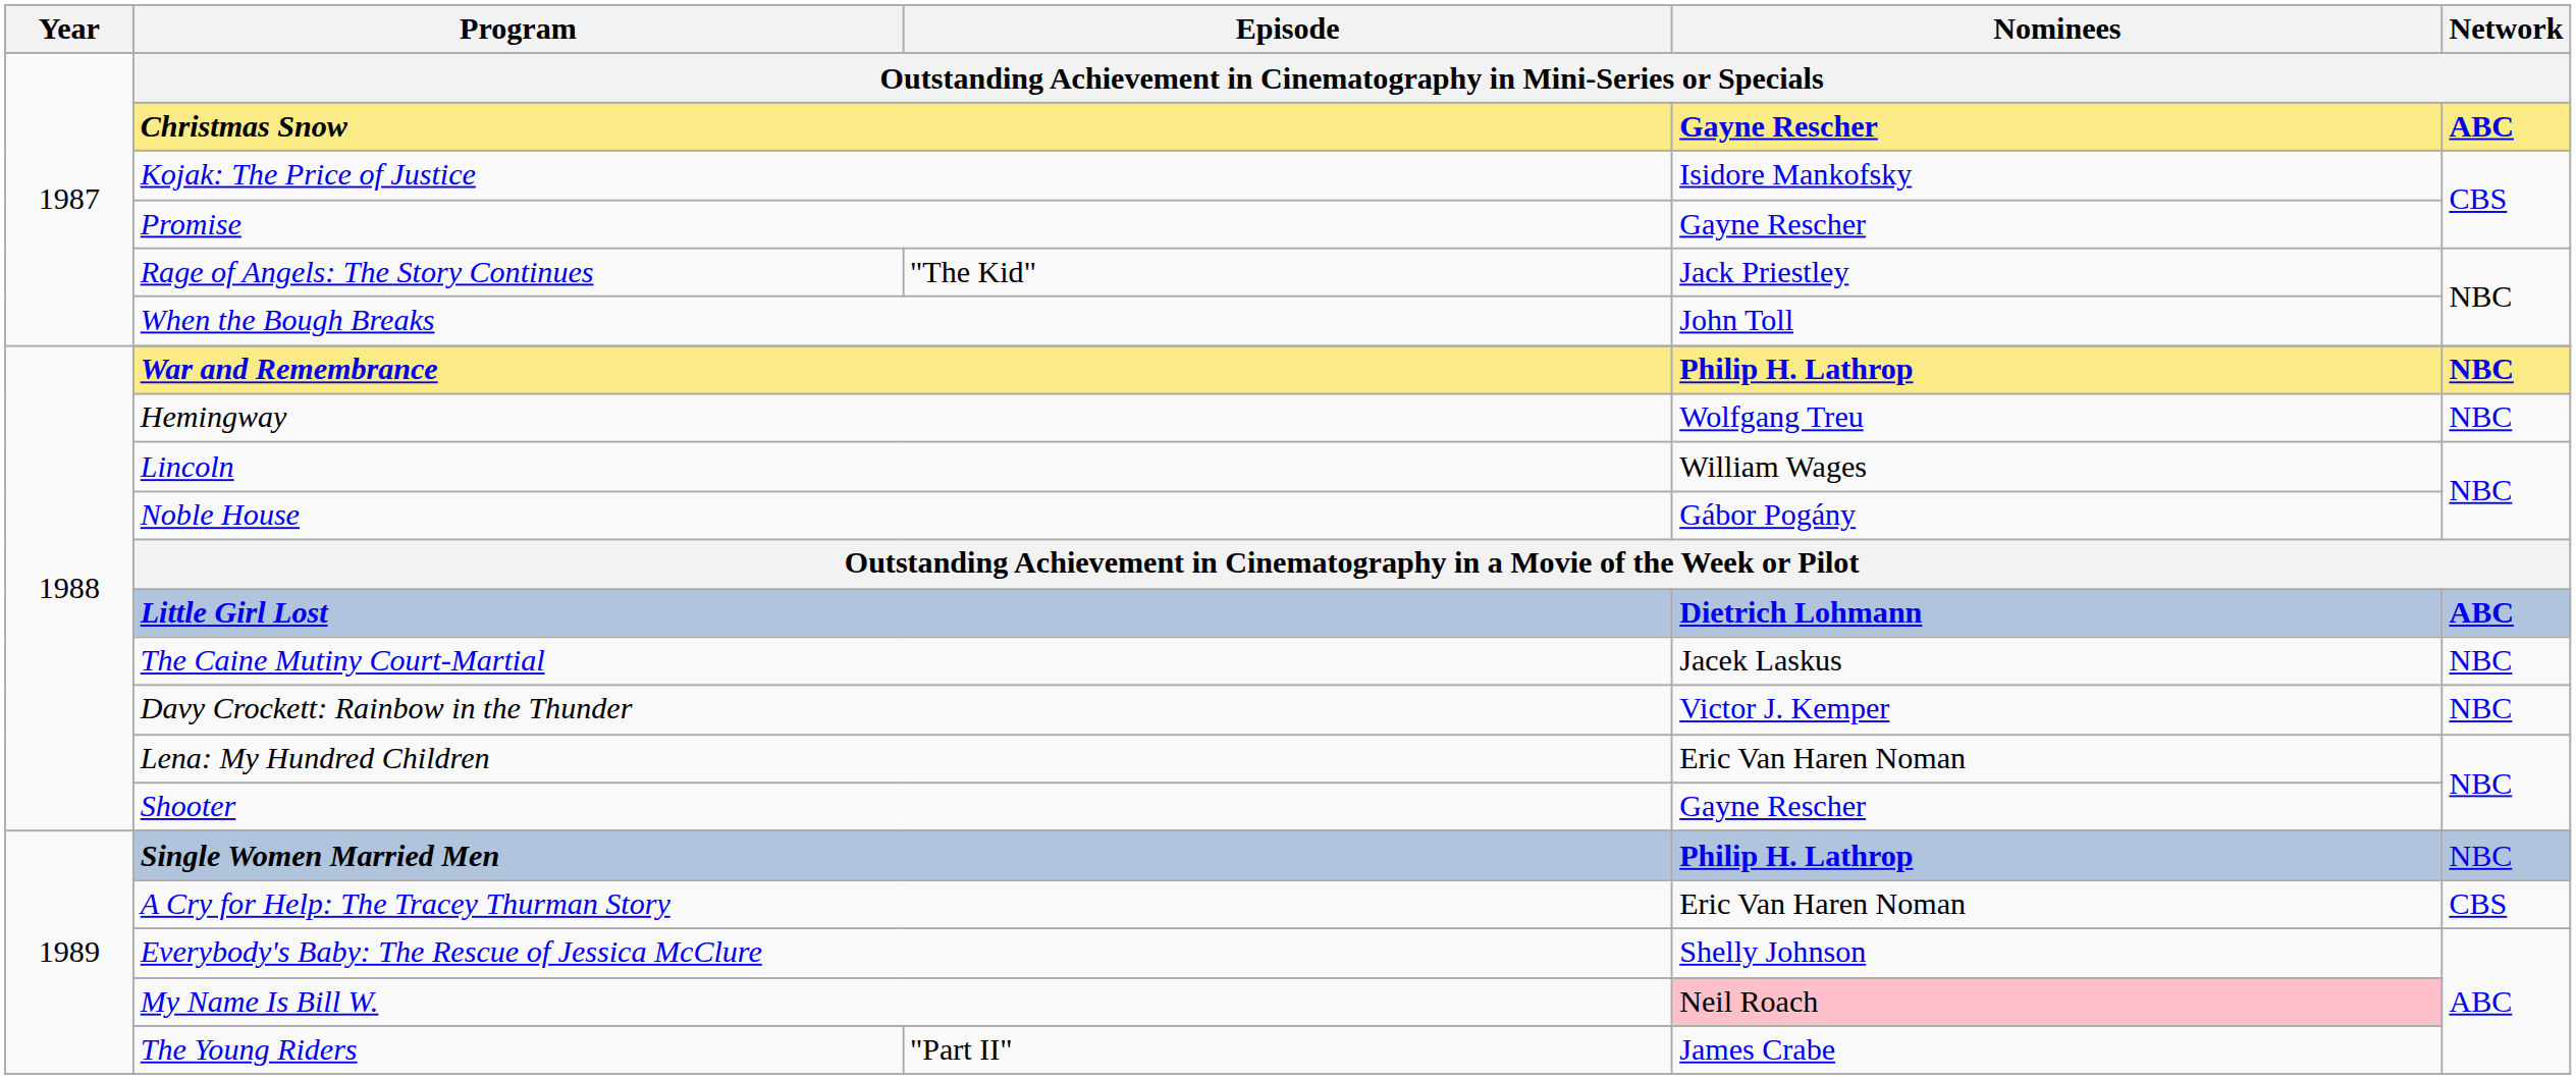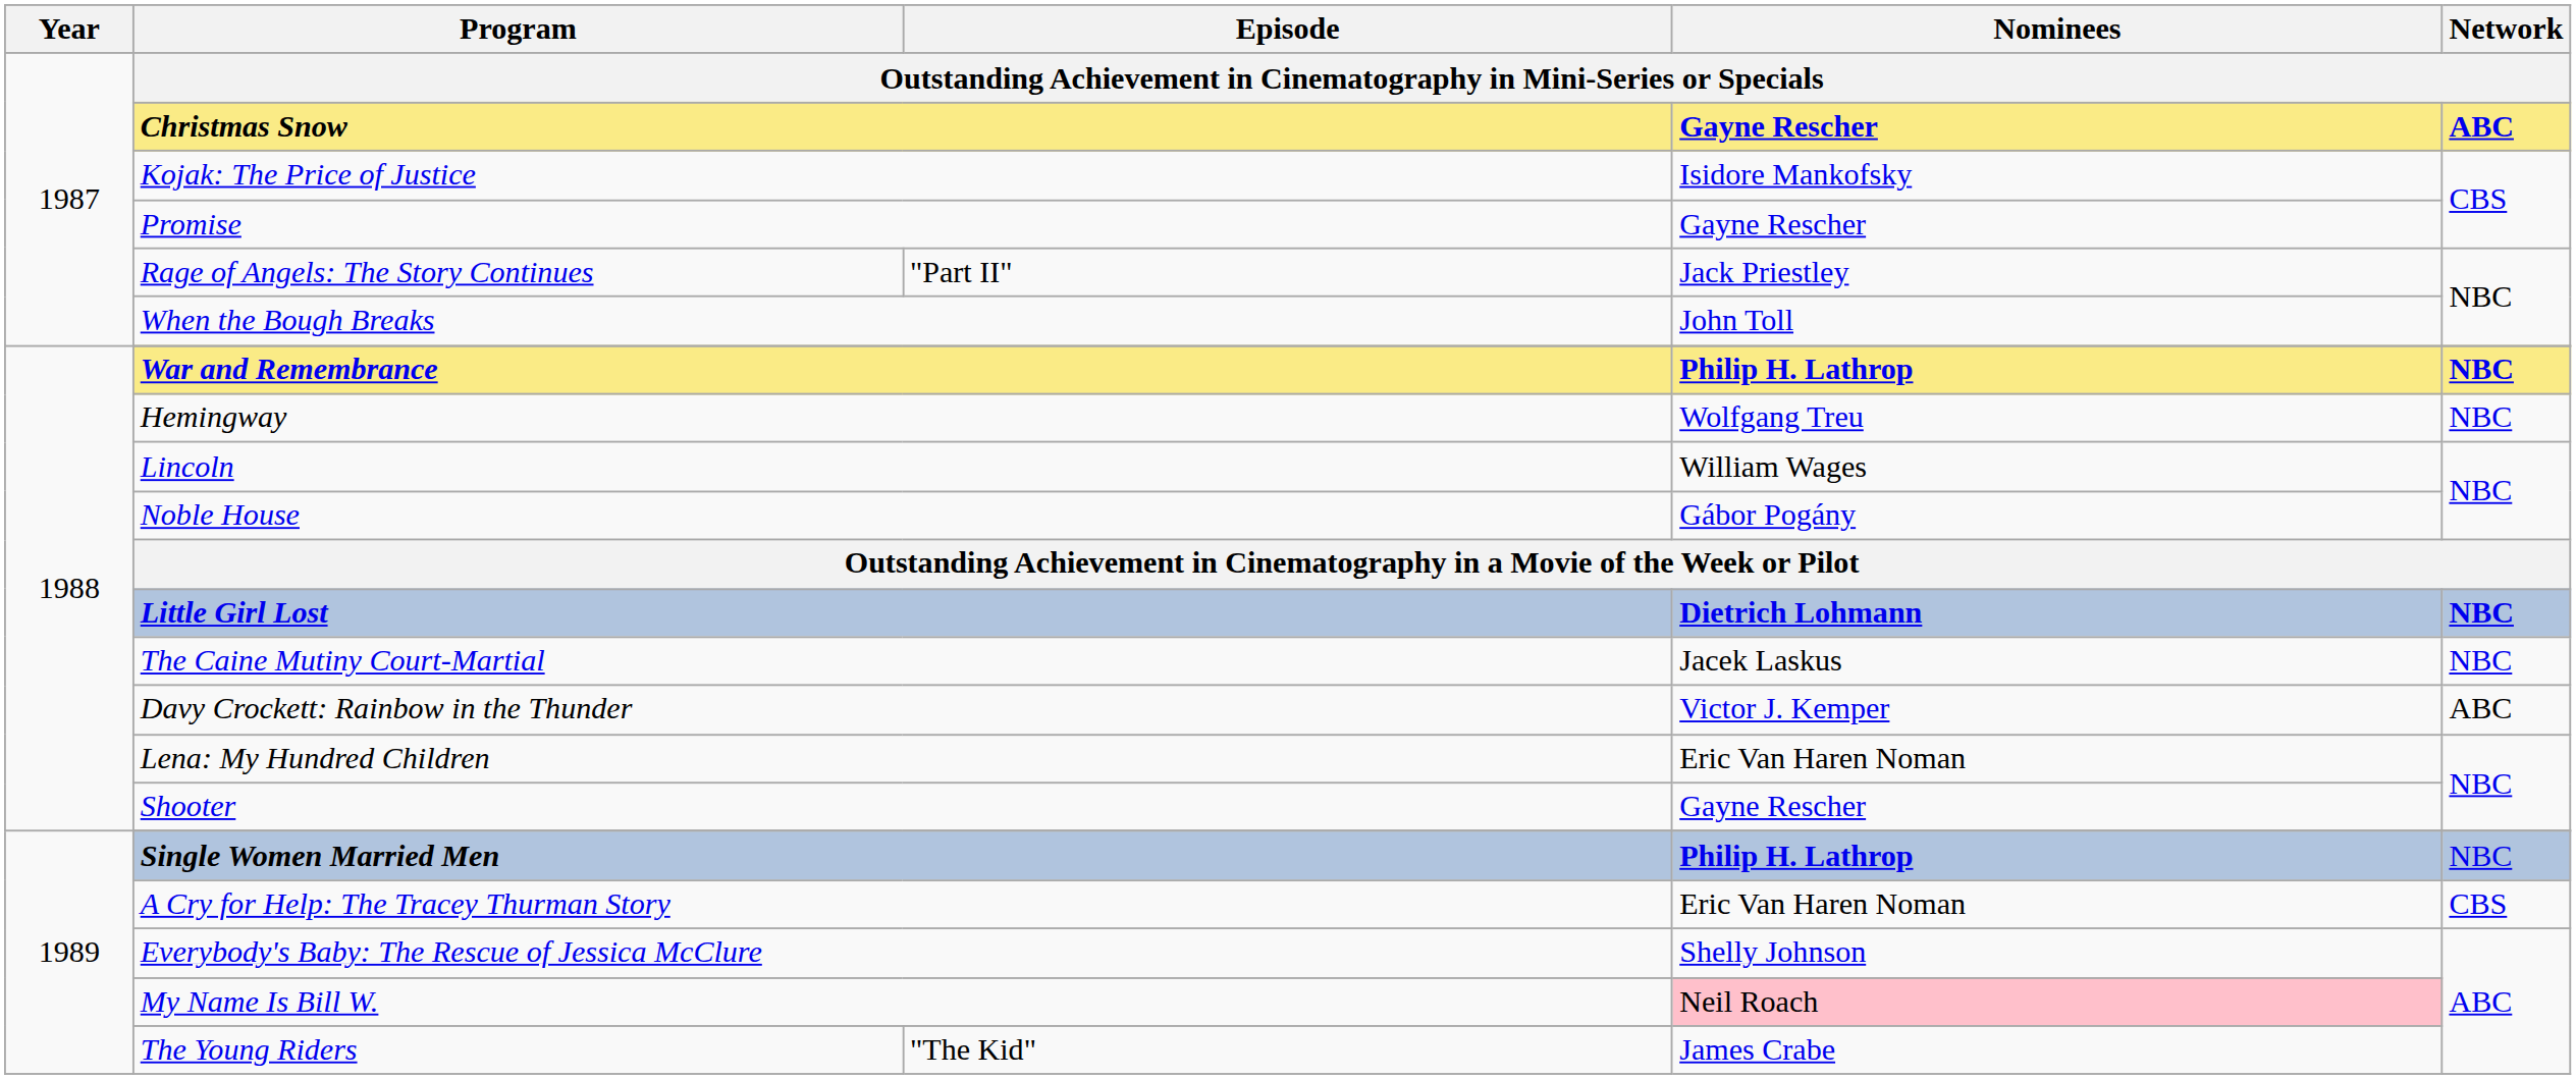 <table class="wikitable">
 <tr>
 <th width="5%">Year</th>
 <th width="30%">Program</th>
 <th width="30%">Episode</th>
 <th width="30%">Nominees</th>
 <th width="5%">Network</th>
 </tr>
 <tr>
 <td rowspan="6" style="text-align:center;">1987<br></td>
 <th colspan="4">Outstanding Achievement in Cinematography in Mini-Series or Specials</th>
 </tr>
 <tr style="background:#FAEB86;">
 <td colspan="2"><strong><em>Christmas Snow</em></strong></td>
 <td><strong><a href='#'>Gayne Rescher</a></strong></td>
 <td><strong><a href='#'>ABC</a></strong></td>
 </tr>
 <tr>
 <td colspan="2"><em><a href='#'>Kojak: The Price of Justice</a></em></td>
 <td><a href='#'>Isidore Mankofsky</a></td>
 <td rowspan=2><a href='#'>CBS</a></td>
 </tr>
 <tr>
 <td colspan="2"><em><a href='#'>Promise</a></em></td>
 <td><a href='#'>Gayne Rescher</a></td>
 </tr>
 <tr>
 <td><em><a href='#'>Rage of Angels: The Story Continues</a></em></td>
-<td>"The Kid"</td>
+<td>"Part II"</td>
 <td><a href='#'>Jack Priestley</a></td>
 <td rowspan="2">NBC</td>
 </tr>
 <tr>
 <td colspan="2"><em><a href='#'>When the Bough Breaks</a></em></td>
 <td><a href='#'>John Toll</a></td>
 </tr>
 <tr>
 <td rowspan="11" style="text-align:center;">1988<br></td>
 </tr>
 <tr style="background:#FAEB86;">
 <td colspan="2"><strong><em><a href='#'>War and Remembrance</a></em></strong></td>
 <td><strong><a href='#'>Philip H. Lathrop</a></strong></td>
 <td><strong><a href='#'>NBC</a></strong></td>
 </tr>
 <tr>
 <td colspan="2"><em>Hemingway</em></td>
 <td><a href='#'>Wolfgang Treu</a></td>
 <td><a href='#'>NBC</a></td>
 </tr>
 <tr>
 <td colspan="2"><em><a href='#'>Lincoln</a></em></td>
 <td>William Wages</td>
 <td rowspan="2"><a href='#'>NBC</a></td>
 </tr>
 <tr>
 <td colspan="2"><em><a href='#'>Noble House</a></em></td>
 <td><a href='#'>Gábor Pogány</a></td>
 </tr>
 <tr>
 <th colspan="4">Outstanding Achievement in Cinematography in a Movie of the Week or Pilot</th>
 </tr>
 <tr style="background:#B0C4DE;">
 <td colspan="2"><strong><em><a href='#'>Little Girl Lost</a></em></strong></td>
 <td><strong><a href='#'>Dietrich Lohmann</a></strong></td>
-<td><strong><a href='#'>ABC</a></strong></td>
+<td><strong><a href='#'>NBC</a></strong></td>
 </tr>
 <tr>
 <td colspan="2"><em><a href='#'>The Caine Mutiny Court-Martial</a></em></td>
 <td>Jacek Laskus</td>
 <td><a href='#'>NBC</a></td>
 </tr>
 <tr>
 <td colspan="2"><em>Davy Crockett: Rainbow in the Thunder</em></td>
 <td><a href='#'>Victor J. Kemper</a></td>
-<td><a href='#'>NBC</a></td>
+<td>ABC</td>
 </tr>
 <tr>
 <td colspan="2"><em>Lena: My Hundred Children</em></td>
 <td>Eric Van Haren Noman</td>
 <td rowspan="2"><a href='#'>NBC</a></td>
 </tr>
 <tr>
 <td colspan="2"><em><a href='#'>Shooter</a></em></td>
 <td><a href='#'>Gayne Rescher</a></td>
 </tr>
 <tr>
 <td rowspan="6" style="text-align:center;">1989<br></td>
 </tr>
 <tr style="background:#B0C4DE;">
 <td colspan="2"><strong><em>Single Women Married Men</em></strong></td>
 <td><strong><a href='#'>Philip H. Lathrop</a></strong></td>
 <td><a href='#'>NBC</a></td>
 </tr>
 <tr>
 <td colspan="2"><em><a href='#'>A Cry for Help: The Tracey Thurman Story</a></em></td>
 <td>Eric Van Haren Noman</td>
 <td><a href='#'>CBS</a></td>
 </tr>
 <tr>
 <td colspan="2"><em><a href='#'>Everybody's Baby: The Rescue of Jessica McClure</a></em></td>
 <td><a href='#'>Shelly Johnson</a></td>
 <td rowspan="3"><a href='#'>ABC</a></td>
 </tr>
 <tr>
 <td colspan="2"><em><a href='#'>My Name Is Bill W.</a></em></td>
 <td style="background: pink;">Neil Roach</td>
 </tr>
 <tr>
 <td><em><a href='#'>The Young Riders</a></em></td>
-<td>"Part II"</td>
+<td>"The Kid"</td>
 <td><a href='#'>James Crabe</a></td>
 </tr>
 </table>
